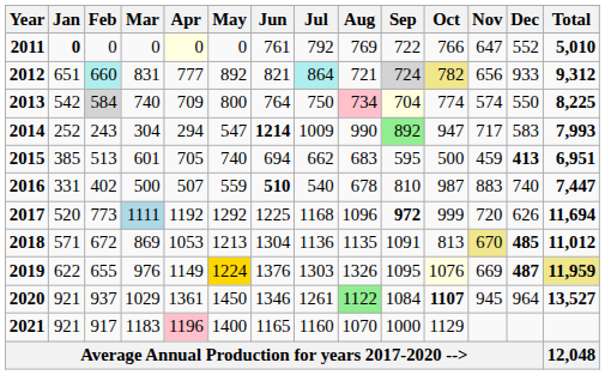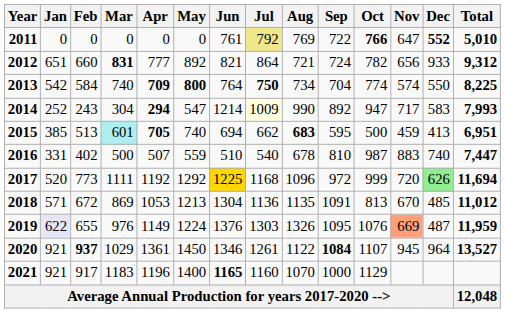 <table class=wikitable>
 <tr>
 <th>Year</th>
 <th>Jan</th>
 <th>Feb</th>
 <th>Mar</th>
 <th>Apr</th>
 <th>May</th>
 <th>Jun</th>
 <th>Jul</th>
 <th>Aug</th>
 <th>Sep</th>
 <th>Oct</th>
 <th>Nov</th>
 <th>Dec</th>
 <th>Total</th>
 </tr>
 <tr align=right>
 <td><strong>2011</strong></td>
-<td><strong>0</strong></td>
 <td>0</td>
 <td>0</td>
-<td style="background: lightyellow;">0</td>
+<td>0</td>
+<td>0</td>
 <td>0</td>
 <td>761</td>
-<td>792</td>
+<td style="background: khaki;">792</td>
 <td>769</td>
 <td>722</td>
-<td>766</td>
+<td><strong>766</strong></td>
 <td>647</td>
-<td>552</td>
+<td><strong>552</strong></td>
 <td><strong>5,010</strong></td>
 </tr>
 <tr align=right>
 <td><strong>2012</strong></td>
 <td>651</td>
-<td style="background: paleturquoise;">660</td>
-<td>831</td>
+<td>660</td>
+<td><strong>831</strong></td>
 <td>777</td>
 <td>892</td>
 <td>821</td>
-<td style="background: paleturquoise;">864</td>
+<td>864</td>
 <td>721</td>
-<td style="background: lightgrey;">724</td>
-<td style="background: khaki;">782</td>
+<td>724</td>
+<td>782</td>
 <td>656</td>
 <td>933</td>
 <td><strong>9,312</strong></td>
 </tr>
 <tr align=right>
 <td><strong>2013</strong></td>
 <td>542</td>
-<td style="background: lightgrey;">584</td>
+<td>584</td>
 <td>740</td>
-<td>709</td>
-<td>800</td>
+<td><strong>709</strong></td>
+<td><strong>800</strong></td>
 <td>764</td>
-<td>750</td>
-<td style="background: pink;">734</td>
-<td style="background: lightyellow;">704</td>
+<td><strong>750</strong></td>
+<td>734</td>
+<td>704</td>
 <td>774</td>
 <td>574</td>
 <td>550</td>
 <td><strong>8,225</strong></td>
 </tr>
 <tr align=right>
 <td><strong>2014</strong></td>
 <td>252</td>
 <td>243</td>
 <td>304</td>
-<td>294</td>
+<td><strong>294</strong></td>
 <td>547</td>
-<td><strong>1214</strong></td>
-<td>1009</td>
+<td>1214</td>
+<td style="background: lightyellow;">1009</td>
 <td>990</td>
-<td style="background: lightgreen;">892</td>
+<td>892</td>
 <td>947</td>
 <td>717</td>
 <td>583</td>
 <td><strong>7,993</strong></td>
 </tr>
 <tr align=right>
 <td><strong>2015</strong></td>
 <td>385</td>
 <td>513</td>
-<td>601</td>
-<td>705</td>
+<td style="background: paleturquoise;">601</td>
+<td><strong>705</strong></td>
 <td>740</td>
 <td>694</td>
 <td>662</td>
-<td>683</td>
+<td><strong>683</strong></td>
 <td>595</td>
 <td>500</td>
 <td>459</td>
-<td><strong>413</strong></td>
+<td>413</td>
 <td><strong>6,951</strong></td>
 </tr>
 <tr align=right>
 <td><strong>2016</strong></td>
 <td>331</td>
 <td>402</td>
 <td>500</td>
 <td>507</td>
 <td>559</td>
-<td><strong>510</strong></td>
+<td>510</td>
 <td>540</td>
 <td>678</td>
 <td>810</td>
 <td>987</td>
 <td>883</td>
 <td>740</td>
 <td><strong>7,447</strong></td>
 </tr>
 <tr align=right>
 <td><strong>2017</strong></td>
 <td>520</td>
 <td>773</td>
-<td style="background: lightblue;">1111</td>
+<td>1111</td>
 <td>1192</td>
 <td>1292</td>
-<td>1225</td>
+<td style="background: gold;">1225</td>
 <td>1168</td>
 <td>1096</td>
-<td><strong>972</strong></td>
+<td>972</td>
 <td>999</td>
 <td>720</td>
-<td>626</td>
+<td style="background: lightgreen;">626</td>
 <td><strong>11,694</strong></td>
 </tr>
 <tr align=right>
 <td><strong>2018</strong></td>
 <td>571</td>
 <td>672</td>
 <td>869</td>
 <td>1053</td>
 <td>1213</td>
 <td>1304</td>
 <td>1136</td>
 <td>1135</td>
 <td>1091</td>
 <td>813</td>
-<td style="background: khaki;">670</td>
-<td><strong>485</strong></td>
+<td>670</td>
+<td>485</td>
 <td><strong>11,012</strong></td>
 </tr>
 <tr align=right>
 <td><strong>2019</strong></td>
-<td>622</td>
+<td style="background: lavender;">622</td>
 <td>655</td>
 <td>976</td>
 <td>1149</td>
-<td style="background: gold;">1224</td>
+<td>1224</td>
 <td>1376</td>
 <td>1303</td>
 <td>1326</td>
 <td>1095</td>
-<td style="background: lightyellow;">1076</td>
-<td>669</td>
-<td><strong>487</strong></td>
-<td style="background: khaki;"><strong>11,959</strong></td>
+<td>1076</td>
+<td style="background: lightsalmon;">669</td>
+<td>487</td>
+<td><strong>11,959</strong></td>
 </tr>
 <tr align=right>
 <td><strong>2020</strong></td>
 <td>921</td>
-<td>937</td>
+<td><strong>937</strong></td>
 <td>1029</td>
 <td>1361</td>
 <td>1450</td>
 <td>1346</td>
 <td>1261</td>
-<td style="background: lightgreen;">1122</td>
-<td>1084</td>
-<td><strong>1107</strong></td>
+<td>1122</td>
+<td><strong>1084</strong></td>
+<td>1107</td>
 <td>945</td>
 <td>964</td>
 <td><strong>13,527</strong></td>
 </tr>
 <tr align=right>
 <td><strong>2021</strong></td>
 <td>921</td>
 <td>917</td>
 <td>1183</td>
-<td style="background: pink;">1196</td>
+<td>1196</td>
 <td>1400</td>
-<td>1165</td>
+<td><strong>1165</strong></td>
 <td>1160</td>
 <td>1070</td>
 <td>1000</td>
 <td>1129</td>
 <td></td>
 <td></td>
 <td></td>
 </tr>
 <tr align=right>
 <th colspan=13>Average Annual Production for years 2017-2020 --></th>
 <th>12,048</th>
 </tr>
 </table>
